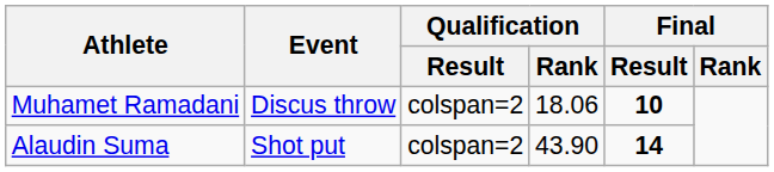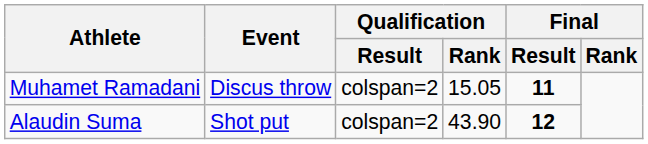 <table class="wikitable" style="text-align:center; font-size:90%">
 <tr>
 <th rowspan="2">Athlete</th>
 <th rowspan="2">Event</th>
 <th colspan="2">Qualification</th>
 <th colspan="2">Final</th>
 </tr>
 <tr>
 <th>Result</th>
 <th>Rank</th>
 <th>Result</th>
 <th>Rank</th>
 </tr>
 <tr>
 <td align="left"><a href='#'>Muhamet Ramadani</a></td>
 <td align="left"><a href='#'>Discus throw</a></td>
 <td>colspan=2 </td>
-<td>18.06</td>
-<td><strong>10</strong></td>
+<td>15.05</td>
+<td><strong>11</strong></td>
 </tr>
 <tr>
 <td align="left"><a href='#'>Alaudin Suma</a></td>
 <td align="left"><a href='#'>Shot put</a></td>
 <td>colspan=2 </td>
 <td>43.90</td>
-<td><strong>14</strong></td>
+<td><strong>12</strong></td>
 </tr>
 </table>
